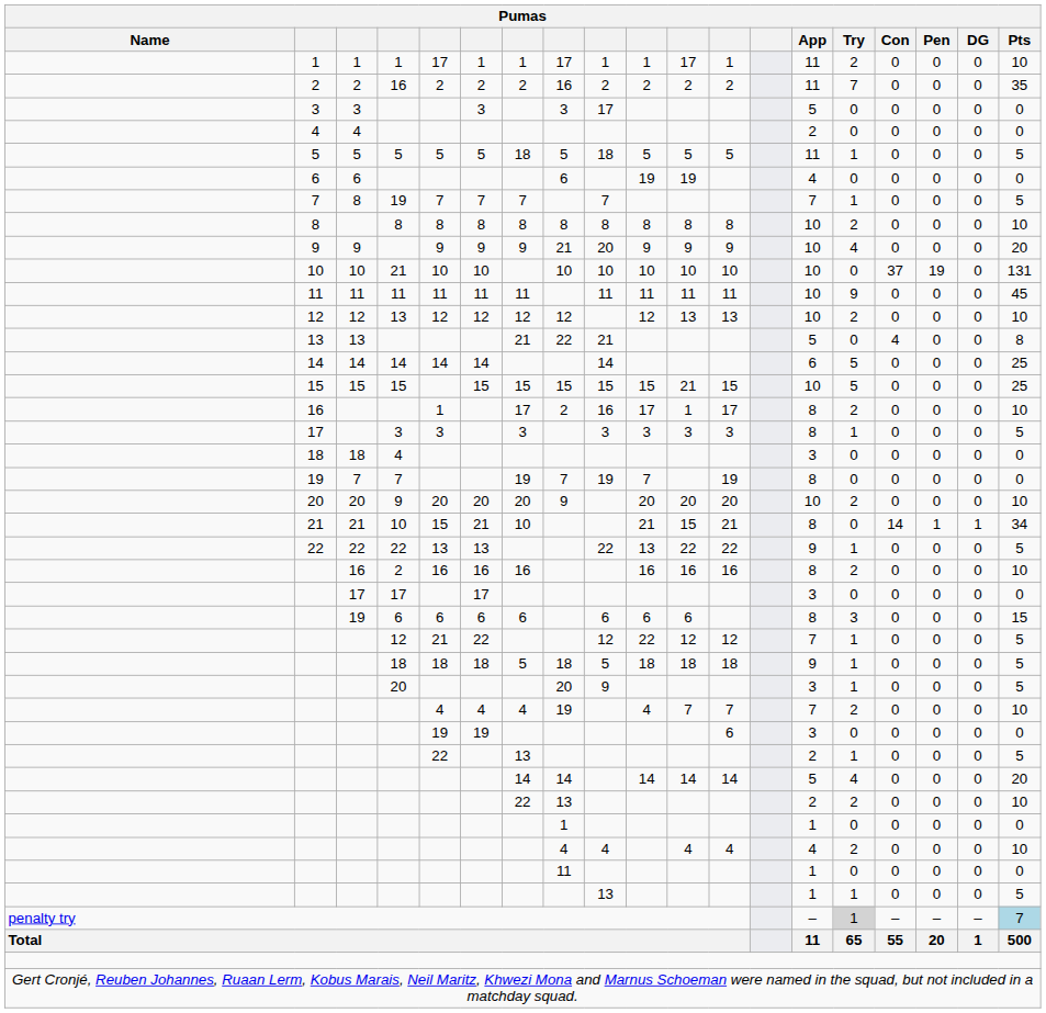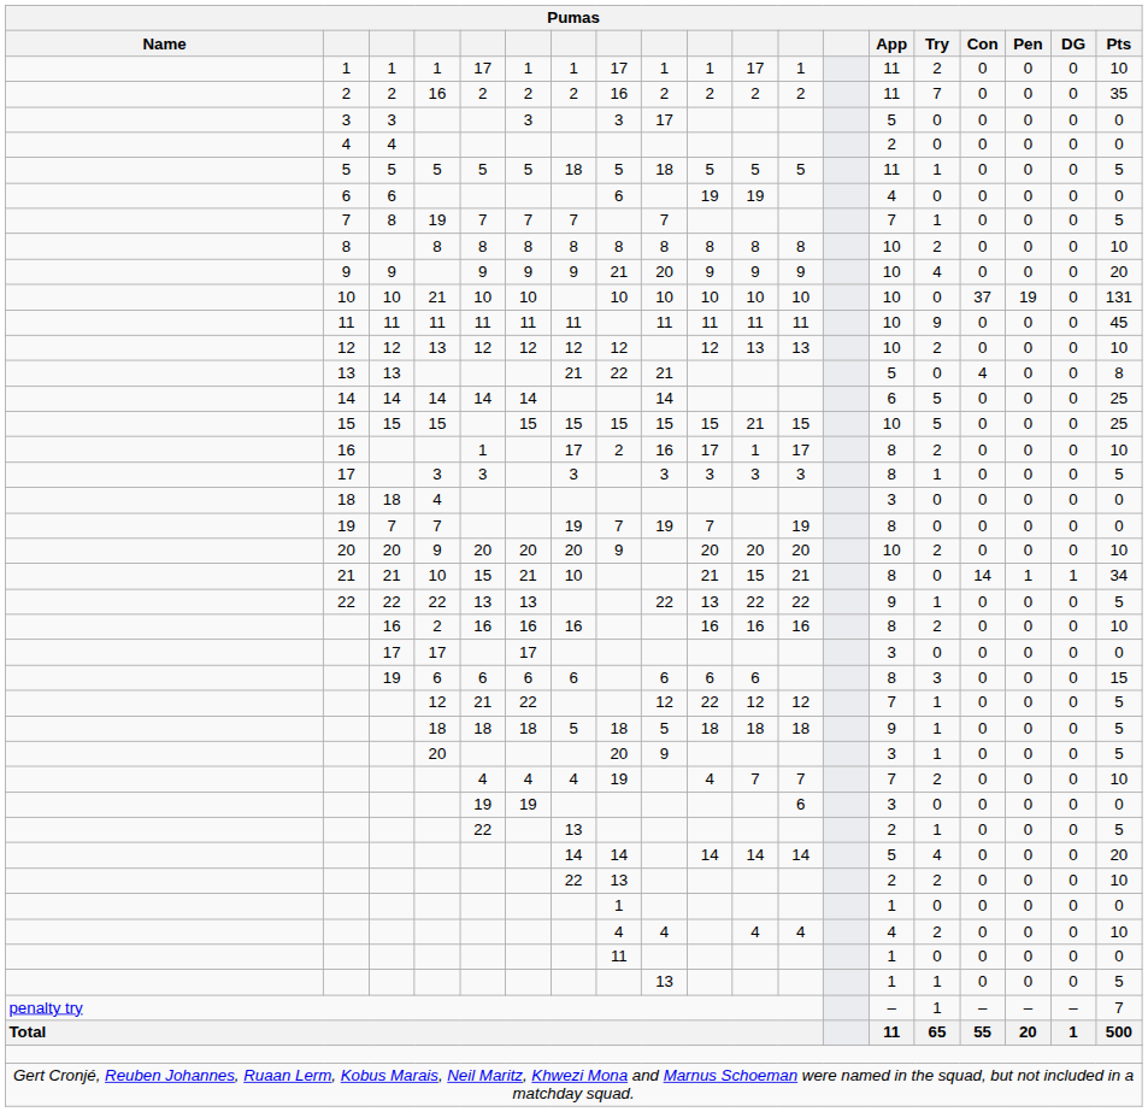 <table class="wikitable collapsible collapsed" style="text-align:center; font-size:100%; width:90%">
 <tr>
 <th colspan="100%">Pumas</th>
 </tr>
 <tr>
 <th style="width:28%;">Name</th>
 <th style="width:4%;"></th>
 <th style="width:4%;"></th>
 <th style="width:4%;"></th>
 <th style="width:4%;"></th>
 <th style="width:4%;"></th>
 <th style="width:4%;"></th>
 <th style="width:4%;"></th>
 <th style="width:4%;"></th>
 <th style="width:4%;"></th>
 <th style="width:4%;"></th>
 <th style="width:4%;"></th>
 <th style="width:4%;"></th>
 <th style="width:4%;">App</th>
 <th style="width:4%;">Try</th>
 <th style="width:4%;">Con</th>
 <th style="width:4%;">Pen</th>
 <th style="width:4%;">DG</th>
 <th style="width:4%;">Pts</th>
 </tr>
 <tr>
 <td style="text-align:left;"></td>
 <td>1</td>
 <td>1</td>
 <td>1</td>
 <td>17 </td>
 <td>1</td>
 <td>1</td>
 <td>17 </td>
 <td>1</td>
 <td>1</td>
 <td>17 </td>
 <td>1</td>
 <td style="background:#EBECF0;"></td>
 <td>11</td>
 <td>2</td>
 <td>0</td>
 <td>0</td>
 <td>0</td>
 <td>10</td>
 </tr>
 <tr>
 <td style="text-align:left;"></td>
 <td>2</td>
 <td>2</td>
 <td>16 </td>
 <td>2</td>
 <td>2</td>
 <td>2</td>
 <td>16 </td>
 <td>2</td>
 <td>2</td>
 <td>2</td>
 <td>2</td>
 <td style="background:#EBECF0;"></td>
 <td>11</td>
 <td>7</td>
 <td>0</td>
 <td>0</td>
 <td>0</td>
 <td>35</td>
 </tr>
 <tr>
 <td style="text-align:left;"></td>
 <td>3</td>
 <td>3</td>
 <td></td>
 <td></td>
 <td>3</td>
 <td></td>
 <td>3</td>
 <td>17 </td>
 <td></td>
 <td></td>
 <td></td>
 <td style="background:#EBECF0;"></td>
 <td>5</td>
 <td>0</td>
 <td>0</td>
 <td>0</td>
 <td>0</td>
 <td>0</td>
 </tr>
 <tr>
 <td style="text-align:left;"></td>
 <td>4</td>
 <td>4</td>
 <td></td>
 <td></td>
 <td></td>
 <td></td>
 <td></td>
 <td></td>
 <td></td>
 <td></td>
 <td></td>
 <td style="background:#EBECF0;"></td>
 <td>2</td>
 <td>0</td>
 <td>0</td>
 <td>0</td>
 <td>0</td>
 <td>0</td>
 </tr>
 <tr>
 <td style="text-align:left;"></td>
 <td>5</td>
 <td>5</td>
 <td>5</td>
 <td>5</td>
 <td>5</td>
 <td>18 </td>
 <td>5</td>
 <td>18 </td>
 <td>5</td>
 <td>5</td>
 <td>5</td>
 <td style="background:#EBECF0;"></td>
 <td>11</td>
 <td>1</td>
 <td>0</td>
 <td>0</td>
 <td>0</td>
 <td>5</td>
 </tr>
 <tr>
 <td style="text-align:left;"></td>
 <td>6</td>
 <td>6</td>
 <td></td>
 <td></td>
 <td></td>
 <td></td>
 <td>6</td>
 <td></td>
 <td>19 </td>
 <td>19</td>
 <td></td>
 <td style="background:#EBECF0;"></td>
 <td>4</td>
 <td>0</td>
 <td>0</td>
 <td>0</td>
 <td>0</td>
 <td>0</td>
 </tr>
 <tr>
 <td style="text-align:left;"></td>
 <td>7</td>
 <td>8</td>
 <td>19 </td>
 <td>7</td>
 <td>7</td>
 <td>7</td>
 <td></td>
 <td>7</td>
 <td></td>
 <td></td>
 <td></td>
 <td style="background:#EBECF0;"></td>
 <td>7</td>
 <td>1</td>
 <td>0</td>
 <td>0</td>
 <td>0</td>
 <td>5</td>
 </tr>
 <tr>
 <td style="text-align:left;"></td>
 <td>8</td>
 <td></td>
 <td>8</td>
 <td>8</td>
 <td>8</td>
 <td>8</td>
 <td>8</td>
 <td>8</td>
 <td>8</td>
 <td>8</td>
 <td>8</td>
 <td style="background:#EBECF0;"></td>
 <td>10</td>
 <td>2</td>
 <td>0</td>
 <td>0</td>
 <td>0</td>
 <td>10</td>
 </tr>
 <tr>
 <td style="text-align:left;"></td>
 <td>9</td>
 <td>9</td>
 <td></td>
 <td>9</td>
 <td>9</td>
 <td>9</td>
 <td>21 </td>
 <td>20 </td>
 <td>9</td>
 <td>9</td>
 <td>9</td>
 <td style="background:#EBECF0;"></td>
 <td>10</td>
 <td>4</td>
 <td>0</td>
 <td>0</td>
 <td>0</td>
 <td>20</td>
 </tr>
 <tr>
 <td style="text-align:left;"></td>
 <td>10</td>
 <td>10</td>
 <td>21 </td>
 <td>10</td>
 <td>10</td>
 <td></td>
 <td>10</td>
 <td>10</td>
 <td>10</td>
 <td>10</td>
 <td>10</td>
 <td style="background:#EBECF0;"></td>
 <td>10</td>
 <td>0</td>
 <td>37</td>
 <td>19</td>
 <td>0</td>
 <td>131</td>
 </tr>
 <tr>
 <td style="text-align:left;"></td>
 <td>11</td>
 <td>11</td>
 <td>11</td>
 <td>11</td>
 <td>11</td>
 <td>11</td>
 <td></td>
 <td>11</td>
 <td>11</td>
 <td>11</td>
 <td>11</td>
 <td style="background:#EBECF0;"></td>
 <td>10</td>
 <td>9</td>
 <td>0</td>
 <td>0</td>
 <td>0</td>
 <td>45</td>
 </tr>
 <tr>
 <td style="text-align:left;"></td>
 <td>12</td>
 <td>12</td>
 <td>13</td>
 <td>12</td>
 <td>12</td>
 <td>12</td>
 <td>12</td>
 <td></td>
 <td>12</td>
 <td>13</td>
 <td>13</td>
 <td style="background:#EBECF0;"></td>
 <td>10</td>
 <td>2</td>
 <td>0</td>
 <td>0</td>
 <td>0</td>
 <td>10</td>
 </tr>
 <tr>
 <td style="text-align:left;"></td>
 <td>13</td>
 <td>13</td>
 <td></td>
 <td></td>
 <td></td>
 <td>21 </td>
 <td>22 </td>
 <td>21 </td>
 <td></td>
 <td></td>
 <td></td>
 <td style="background:#EBECF0;"></td>
 <td>5</td>
 <td>0</td>
 <td>4</td>
 <td>0</td>
 <td>0</td>
 <td>8</td>
 </tr>
 <tr>
 <td style="text-align:left;"></td>
 <td>14</td>
 <td>14</td>
 <td>14</td>
 <td>14</td>
 <td>14</td>
 <td></td>
 <td></td>
 <td>14</td>
 <td></td>
 <td></td>
 <td></td>
 <td style="background:#EBECF0;"></td>
 <td>6</td>
 <td>5</td>
 <td>0</td>
 <td>0</td>
 <td>0</td>
 <td>25</td>
 </tr>
 <tr>
 <td style="text-align:left;"></td>
 <td>15</td>
 <td>15</td>
 <td>15</td>
 <td></td>
 <td>15</td>
 <td>15</td>
 <td>15</td>
 <td>15</td>
 <td>15</td>
 <td>21 </td>
 <td>15</td>
 <td style="background:#EBECF0;"></td>
 <td>10</td>
 <td>5</td>
 <td>0</td>
 <td>0</td>
 <td>0</td>
 <td>25</td>
 </tr>
 <tr>
 <td style="text-align:left;"></td>
 <td>16 </td>
 <td></td>
 <td></td>
 <td>1</td>
 <td></td>
 <td>17 </td>
 <td>2</td>
 <td>16 </td>
 <td>17 </td>
 <td>1</td>
 <td>17 </td>
 <td style="background:#EBECF0;"></td>
 <td>8</td>
 <td>2</td>
 <td>0</td>
 <td>0</td>
 <td>0</td>
 <td>10</td>
 </tr>
 <tr>
 <td style="text-align:left;"></td>
 <td>17 </td>
 <td></td>
 <td>3</td>
 <td>3</td>
 <td></td>
 <td>3</td>
 <td></td>
 <td>3</td>
 <td>3</td>
 <td>3</td>
 <td>3</td>
 <td style="background:#EBECF0;"></td>
 <td>8</td>
 <td>1</td>
 <td>0</td>
 <td>0</td>
 <td>0</td>
 <td>5</td>
 </tr>
 <tr>
 <td style="text-align:left;"></td>
 <td>18 </td>
 <td>18 </td>
 <td>4</td>
 <td></td>
 <td></td>
 <td></td>
 <td></td>
 <td></td>
 <td></td>
 <td></td>
 <td></td>
 <td style="background:#EBECF0;"></td>
 <td>3</td>
 <td>0</td>
 <td>0</td>
 <td>0</td>
 <td>0</td>
 <td>0</td>
 </tr>
 <tr>
 <td style="text-align:left;"></td>
 <td>19 </td>
 <td>7</td>
 <td>7</td>
 <td></td>
 <td></td>
 <td>19 </td>
 <td>7</td>
 <td>19 </td>
 <td>7</td>
 <td></td>
 <td>19 </td>
 <td style="background:#EBECF0;"></td>
 <td>8</td>
 <td>0</td>
 <td>0</td>
 <td>0</td>
 <td>0</td>
 <td>0</td>
 </tr>
 <tr>
 <td style="text-align:left;"></td>
 <td>20 </td>
 <td>20 </td>
 <td>9</td>
 <td>20 </td>
 <td>20 </td>
 <td>20 </td>
 <td>9</td>
 <td></td>
 <td>20 </td>
 <td>20 </td>
 <td>20 </td>
 <td style="background:#EBECF0;"></td>
 <td>10</td>
 <td>2</td>
 <td>0</td>
 <td>0</td>
 <td>0</td>
 <td>10</td>
 </tr>
 <tr>
 <td style="text-align:left;"></td>
 <td>21 </td>
 <td>21</td>
 <td>10</td>
 <td>15</td>
 <td>21 </td>
 <td>10</td>
 <td></td>
 <td></td>
 <td>21 </td>
 <td>15</td>
 <td>21 </td>
 <td style="background:#EBECF0;"></td>
 <td>8</td>
 <td>0</td>
 <td>14</td>
 <td>1</td>
 <td>1</td>
 <td>34</td>
 </tr>
 <tr>
 <td style="text-align:left;"></td>
 <td>22 </td>
 <td>22 </td>
 <td>22 </td>
 <td>13</td>
 <td>13</td>
 <td></td>
 <td></td>
 <td>22 </td>
 <td>13</td>
 <td>22 </td>
 <td>22 </td>
 <td style="background:#EBECF0;"></td>
 <td>9</td>
 <td>1</td>
 <td>0</td>
 <td>0</td>
 <td>0</td>
 <td>5</td>
 </tr>
 <tr>
 <td style="text-align:left;"></td>
 <td></td>
 <td>16 </td>
 <td>2</td>
 <td>16 </td>
 <td>16 </td>
 <td>16 </td>
 <td></td>
 <td></td>
 <td>16 </td>
 <td>16 </td>
 <td>16 </td>
 <td style="background:#EBECF0;"></td>
 <td>8</td>
 <td>2</td>
 <td>0</td>
 <td>0</td>
 <td>0</td>
 <td>10</td>
 </tr>
 <tr>
 <td style="text-align:left;"></td>
 <td></td>
 <td>17 </td>
 <td>17 </td>
 <td></td>
 <td>17 </td>
 <td></td>
 <td></td>
 <td></td>
 <td></td>
 <td></td>
 <td></td>
 <td style="background:#EBECF0;"></td>
 <td>3</td>
 <td>0</td>
 <td>0</td>
 <td>0</td>
 <td>0</td>
 <td>0</td>
 </tr>
 <tr>
 <td style="text-align:left;"></td>
 <td></td>
 <td>19 </td>
 <td>6</td>
 <td>6</td>
 <td>6</td>
 <td>6</td>
 <td></td>
 <td>6</td>
 <td>6</td>
 <td>6</td>
 <td></td>
 <td style="background:#EBECF0;"></td>
 <td>8</td>
 <td>3</td>
 <td>0</td>
 <td>0</td>
 <td>0</td>
 <td>15</td>
 </tr>
 <tr>
 <td style="text-align:left;"></td>
 <td></td>
 <td></td>
 <td>12</td>
 <td>21 </td>
 <td>22 </td>
 <td></td>
 <td></td>
 <td>12</td>
 <td>22 </td>
 <td>12</td>
 <td>12</td>
 <td style="background:#EBECF0;"></td>
 <td>7</td>
 <td>1</td>
 <td>0</td>
 <td>0</td>
 <td>0</td>
 <td>5</td>
 </tr>
 <tr>
 <td style="text-align:left;"></td>
 <td></td>
 <td></td>
 <td>18 </td>
 <td>18 </td>
 <td>18 </td>
 <td>5</td>
 <td>18 </td>
 <td>5</td>
 <td>18 </td>
 <td>18 </td>
 <td>18 </td>
 <td style="background:#EBECF0;"></td>
 <td>9</td>
 <td>1</td>
 <td>0</td>
 <td>0</td>
 <td>0</td>
 <td>5</td>
 </tr>
 <tr>
 <td style="text-align:left;"></td>
 <td></td>
 <td></td>
 <td>20 </td>
 <td></td>
 <td></td>
 <td></td>
 <td>20 </td>
 <td>9</td>
 <td></td>
 <td></td>
 <td></td>
 <td style="background:#EBECF0;"></td>
 <td>3</td>
 <td>1</td>
 <td>0</td>
 <td>0</td>
 <td>0</td>
 <td>5</td>
 </tr>
 <tr>
 <td style="text-align:left;"></td>
 <td></td>
 <td></td>
 <td></td>
 <td>4</td>
 <td>4</td>
 <td>4</td>
 <td>19 </td>
 <td></td>
 <td>4</td>
 <td>7</td>
 <td>7</td>
 <td style="background:#EBECF0;"></td>
 <td>7</td>
 <td>2</td>
 <td>0</td>
 <td>0</td>
 <td>0</td>
 <td>10</td>
 </tr>
 <tr>
 <td style="text-align:left;"></td>
 <td></td>
 <td></td>
 <td></td>
 <td>19 </td>
 <td>19 </td>
 <td></td>
 <td></td>
 <td></td>
 <td></td>
 <td></td>
 <td>6</td>
 <td style="background:#EBECF0;"></td>
 <td>3</td>
 <td>0</td>
 <td>0</td>
 <td>0</td>
 <td>0</td>
 <td>0</td>
 </tr>
 <tr>
 <td style="text-align:left;"></td>
 <td></td>
 <td></td>
 <td></td>
 <td>22 </td>
 <td></td>
 <td>13</td>
 <td></td>
 <td></td>
 <td></td>
 <td></td>
 <td></td>
 <td style="background:#EBECF0;"></td>
 <td>2</td>
 <td>1</td>
 <td>0</td>
 <td>0</td>
 <td>0</td>
 <td>5</td>
 </tr>
 <tr>
 <td style="text-align:left;"></td>
 <td></td>
 <td></td>
 <td></td>
 <td></td>
 <td></td>
 <td>14</td>
 <td>14</td>
 <td></td>
 <td>14</td>
 <td>14</td>
 <td>14</td>
 <td style="background:#EBECF0;"></td>
 <td>5</td>
 <td>4</td>
 <td>0</td>
 <td>0</td>
 <td>0</td>
 <td>20</td>
 </tr>
 <tr>
 <td style="text-align:left;"></td>
 <td></td>
 <td></td>
 <td></td>
 <td></td>
 <td></td>
 <td>22 </td>
 <td>13</td>
 <td></td>
 <td></td>
 <td></td>
 <td></td>
 <td style="background:#EBECF0;"></td>
 <td>2</td>
 <td>2</td>
 <td>0</td>
 <td>0</td>
 <td>0</td>
 <td>10</td>
 </tr>
 <tr>
 <td style="text-align:left;"></td>
 <td></td>
 <td></td>
 <td></td>
 <td></td>
 <td></td>
 <td></td>
 <td>1</td>
 <td></td>
 <td></td>
 <td></td>
 <td></td>
 <td style="background:#EBECF0;"></td>
 <td>1</td>
 <td>0</td>
 <td>0</td>
 <td>0</td>
 <td>0</td>
 <td>0</td>
 </tr>
 <tr>
 <td style="text-align:left;"></td>
 <td></td>
 <td></td>
 <td></td>
 <td></td>
 <td></td>
 <td></td>
 <td>4</td>
 <td>4</td>
 <td></td>
 <td>4</td>
 <td>4</td>
 <td style="background:#EBECF0;"></td>
 <td>4</td>
 <td>2</td>
 <td>0</td>
 <td>0</td>
 <td>0</td>
 <td>10</td>
 </tr>
 <tr>
 <td style="text-align:left;"></td>
 <td></td>
 <td></td>
 <td></td>
 <td></td>
 <td></td>
 <td></td>
 <td>11</td>
 <td></td>
 <td></td>
 <td></td>
 <td></td>
 <td style="background:#EBECF0;"></td>
 <td>1</td>
 <td>0</td>
 <td>0</td>
 <td>0</td>
 <td>0</td>
 <td>0</td>
 </tr>
 <tr>
 <td style="text-align:left;"></td>
 <td></td>
 <td></td>
 <td></td>
 <td></td>
 <td></td>
 <td></td>
 <td></td>
 <td>13</td>
 <td></td>
 <td></td>
 <td></td>
 <td style="background:#EBECF0;"></td>
 <td>1</td>
 <td>1</td>
 <td>0</td>
 <td>0</td>
 <td>0</td>
 <td>5</td>
 </tr>
 <tr>
 <td colspan="12" style="text-align:left;"><a href='#'>penalty try</a></td>
 <td style="background:#EBECF0;"></td>
 <td>–</td>
-<td style="background: lightgrey;">1</td>
+<td>1</td>
 <td>–</td>
 <td>–</td>
 <td>–</td>
-<td style="background: lightblue;">7</td>
+<td>7</td>
 </tr>
 <tr>
 <th colspan="12" style="text-align:left;">Total</th>
 <th style="background:#EBECF0;"></th>
 <th>11</th>
 <th>65</th>
 <th>55</th>
 <th>20</th>
 <th>1</th>
 <th>500</th>
 </tr>
 <tr class="sortbottom">
 <td colspan="100%" style="height: 10px;"></td>
 </tr>
 <tr class="sortbottom">
 <td colspan="100%" style="text-align:center;"><em>Gert Cronjé, <a href='#'>Reuben Johannes</a>, <a href='#'>Ruaan Lerm</a>, <a href='#'>Kobus Marais</a>, <a href='#'>Neil Maritz</a>, <a href='#'>Khwezi Mona</a> and <a href='#'>Marnus Schoeman</a> were named in the squad, but not included in a matchday squad.</em></td>
 </tr>
 </table>
